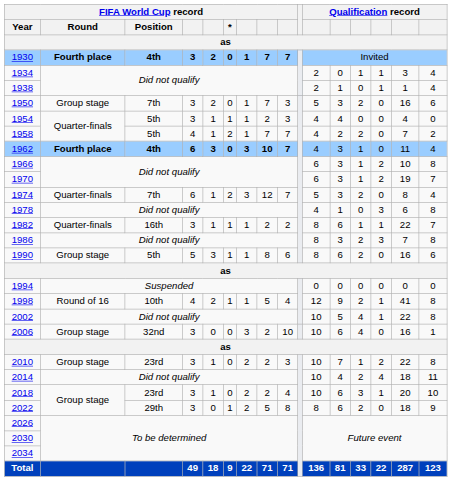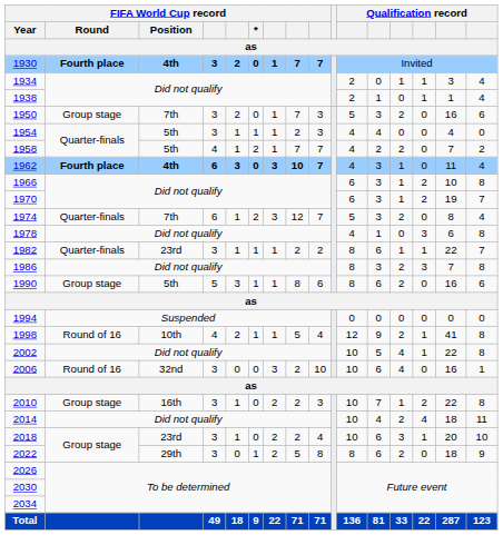 <table class="wikitable" style="text-align: center;">
 <tr>
 <th colspan=9><a href='#'>FIFA World Cup</a> record</th>
 <th width=1% rowspan=2></th>
 <th colspan=6><a href='#'>Qualification</a> record</th>
 </tr>
 <tr>
 <th>Year</th>
 <th>Round</th>
 <th>Position</th>
 <th></th>
 <th></th>
 <th>*</th>
 <th></th>
 <th></th>
 <th></th>
 <th></th>
 <th></th>
 <th></th>
 <th></th>
 <th></th>
 <th></th>
 </tr>
 <tr>
 <th colspan="16">as </th>
 </tr>
 <tr style="background:#9acdff;">
 <td> <a href='#'>1930</a></td>
 <td><strong>Fourth place</strong></td>
 <td><strong>4th</strong></td>
 <td><strong>3</strong></td>
 <td><strong>2</strong></td>
 <td><strong>0</strong></td>
 <td><strong>1</strong></td>
 <td><strong>7</strong></td>
 <td><strong>7</strong></td>
 <td width=1% rowspan=3 style="background:#eaecf0;"></td>
 <td colspan=9>Invited</td>
 </tr>
 <tr>
 <td> <a href='#'>1934</a></td>
 <td colspan="8" rowspan="2"><em>Did not qualify</em></td>
 <td>2</td>
 <td>0</td>
 <td>1</td>
 <td>1</td>
 <td>3</td>
 <td>4</td>
 </tr>
 <tr>
 <td> <a href='#'>1938</a></td>
 <td>2</td>
 <td>1</td>
 <td>0</td>
 <td>1</td>
 <td>1</td>
 <td>4</td>
 </tr>
 <tr>
 <td> <a href='#'>1950</a></td>
 <td>Group stage</td>
 <td>7th</td>
 <td>3</td>
 <td>2</td>
 <td>0</td>
 <td>1</td>
 <td>7</td>
 <td>3</td>
 <td width=1% rowspan=11 style="background:#eaecf0;"></td>
 <td>5</td>
 <td>3</td>
 <td>2</td>
 <td>0</td>
 <td>16</td>
 <td>6</td>
 </tr>
 <tr>
 <td> <a href='#'>1954</a></td>
 <td rowspan=2>Quarter-finals</td>
 <td>5th</td>
 <td>3</td>
 <td>1</td>
 <td>1</td>
 <td>1</td>
 <td>2</td>
 <td>3</td>
 <td>4</td>
 <td>4</td>
 <td>0</td>
 <td>0</td>
 <td>4</td>
 <td>0</td>
 </tr>
 <tr>
 <td> <a href='#'>1958</a></td>
 <td>5th</td>
 <td>4</td>
 <td>1</td>
 <td>2</td>
 <td>1</td>
 <td>7</td>
 <td>7</td>
 <td>4</td>
 <td>2</td>
 <td>2</td>
 <td>0</td>
 <td>7</td>
 <td>2</td>
 </tr>
 <tr bgcolor=#9acdff>
 <td> <a href='#'>1962</a></td>
 <td><strong>Fourth place</strong></td>
 <td><strong>4th</strong></td>
 <td><strong>6</strong></td>
 <td><strong>3</strong></td>
 <td><strong>0</strong></td>
 <td><strong>3</strong></td>
 <td><strong>10</strong></td>
 <td><strong>7</strong></td>
 <td>4</td>
 <td>3</td>
 <td>1</td>
 <td>0</td>
 <td>11</td>
 <td>4</td>
 </tr>
 <tr>
 <td> <a href='#'>1966</a></td>
 <td colspan="8" rowspan="2"><em>Did not qualify</em></td>
 <td>6</td>
 <td>3</td>
 <td>1</td>
 <td>2</td>
 <td>10</td>
 <td>8</td>
 </tr>
 <tr>
 <td> <a href='#'>1970</a></td>
 <td>6</td>
 <td>3</td>
 <td>1</td>
 <td>2</td>
 <td>19</td>
 <td>7</td>
 </tr>
 <tr>
 <td> <a href='#'>1974</a></td>
 <td>Quarter-finals</td>
 <td>7th</td>
 <td>6</td>
 <td>1</td>
 <td>2</td>
 <td>3</td>
 <td>12</td>
 <td>7</td>
 <td>5</td>
 <td>3</td>
 <td>2</td>
 <td>0</td>
 <td>8</td>
 <td>4</td>
 </tr>
 <tr>
 <td> <a href='#'>1978</a></td>
 <td colspan="8"><em>Did not qualify</em></td>
 <td>4</td>
 <td>1</td>
 <td>0</td>
 <td>3</td>
 <td>6</td>
 <td>8</td>
 </tr>
 <tr>
 <td> <a href='#'>1982</a></td>
 <td>Quarter-finals</td>
-<td>16th</td>
+<td>23rd</td>
 <td>3</td>
 <td>1</td>
 <td>1</td>
 <td>1</td>
 <td>2</td>
 <td>2</td>
 <td>8</td>
 <td>6</td>
 <td>1</td>
 <td>1</td>
 <td>22</td>
 <td>7</td>
 </tr>
 <tr>
 <td> <a href='#'>1986</a></td>
 <td colspan="8"><em>Did not qualify</em></td>
 <td>8</td>
 <td>3</td>
 <td>2</td>
 <td>3</td>
 <td>7</td>
 <td>8</td>
 </tr>
 <tr>
 <td> <a href='#'>1990</a></td>
 <td>Group stage</td>
 <td>5th</td>
 <td>5</td>
 <td>3</td>
 <td>1</td>
 <td>1</td>
 <td>8</td>
 <td>6</td>
 <td>8</td>
 <td>6</td>
 <td>2</td>
 <td>0</td>
 <td>16</td>
 <td>6</td>
 </tr>
 <tr>
 <th colspan="16">as </th>
 </tr>
 <tr>
 <td> <a href='#'>1994</a></td>
 <td colspan=8><em>Suspended</em></td>
 <td width=1% rowspan=3 style="background:#eaecf0;"></td>
 <td>0</td>
 <td>0</td>
 <td>0</td>
 <td>0</td>
 <td>0</td>
 <td>0</td>
 </tr>
 <tr>
 <td> <a href='#'>1998</a></td>
 <td>Round of 16</td>
 <td>10th</td>
 <td>4</td>
 <td>2</td>
 <td>1</td>
 <td>1</td>
 <td>5</td>
 <td>4</td>
 <td>12</td>
 <td>9</td>
 <td>2</td>
 <td>1</td>
 <td>41</td>
 <td>8</td>
 </tr>
 <tr>
 <td>  <a href='#'>2002</a></td>
 <td colspan="8"><em>Did not qualify</em></td>
 <td>10</td>
 <td>5</td>
 <td>4</td>
 <td>1</td>
 <td>22</td>
 <td>8</td>
 </tr>
 <tr>
 <td> <a href='#'>2006</a></td>
-<td>Group stage</td>
+<td>Round of 16</td>
 <td>32nd</td>
 <td>3</td>
 <td>0</td>
 <td>0</td>
 <td>3</td>
 <td>2</td>
 <td>10</td>
 <td width=1% rowspan=1 style="background:#eaecf0;"></td>
 <td>10</td>
 <td>6</td>
 <td>4</td>
 <td>0</td>
 <td>16</td>
 <td>1</td>
 </tr>
 <tr>
 <th colspan="16">as <strong></strong></th>
 </tr>
 <tr>
 <td> <a href='#'>2010</a></td>
 <td>Group stage</td>
-<td>23rd</td>
+<td>16th</td>
 <td>3</td>
 <td>1</td>
 <td>0</td>
 <td>2</td>
 <td>2</td>
 <td>3</td>
 <td width=1% rowspan=8 style="background:#eaecf0;"></td>
 <td>10</td>
 <td>7</td>
 <td>1</td>
 <td>2</td>
 <td>22</td>
 <td>8</td>
 </tr>
 <tr>
 <td> <a href='#'>2014</a></td>
 <td colspan="8"><em>Did not qualify</em></td>
 <td>10</td>
 <td>4</td>
 <td>2</td>
 <td>4</td>
 <td>18</td>
 <td>11</td>
 </tr>
 <tr>
 <td> <a href='#'>2018</a></td>
 <td rowspan=2>Group stage</td>
 <td>23rd</td>
 <td>3</td>
 <td>1</td>
 <td>0</td>
 <td>2</td>
 <td>2</td>
 <td>4</td>
 <td>10</td>
 <td>6</td>
 <td>3</td>
 <td>1</td>
 <td>20</td>
 <td>10</td>
 </tr>
 <tr>
 <td> <a href='#'>2022</a></td>
 <td>29th</td>
 <td>3</td>
 <td>0</td>
 <td>1</td>
 <td>2</td>
 <td>5</td>
 <td>8</td>
 <td>8</td>
 <td>6</td>
 <td>2</td>
 <td>0</td>
 <td>18</td>
 <td>9</td>
 </tr>
 <tr>
 <td>   <a href='#'>2026</a></td>
 <td colspan="8" rowspan="3"><em>To be determined</em></td>
 <td colspan="6" rowspan="3"><em>Future event</em></td>
 </tr>
 <tr>
 <td>   <a href='#'>2030</a></td>
 </tr>
 <tr>
 <td> <a href='#'>2034</a></td>
 </tr>
 <tr>
 <td style="background:#0040BC; color:white; "><strong>Total</strong></td>
 <td style="background:#0040BC; color:white; "><strong></strong></td>
 <td style="background:#0040BC; color:white; "><strong></strong></td>
 <td style="background:#0040BC; color:white; "><strong>49</strong></td>
 <td style="background:#0040BC; color:white; "><strong>18</strong></td>
 <td style="background:#0040BC; color:white; "><strong>9</strong></td>
 <td style="background:#0040BC; color:white; "><strong>22</strong></td>
 <td style="background:#0040BC; color:white; "><strong>71</strong></td>
 <td style="background:#0040BC; color:white; "><strong>71</strong></td>
 <td style="background:#0040BC; color:white; "><strong>136</strong></td>
 <td style="background:#0040BC; color:white; "><strong>81</strong></td>
 <td style="background:#0040BC; color:white; "><strong>33</strong></td>
 <td style="background:#0040BC; color:white; "><strong>22</strong></td>
 <td style="background:#0040BC; color:white; "><strong>287</strong></td>
 <td style="background:#0040BC; color:white; "><strong>123</strong></td>
 </tr>
 </table>
